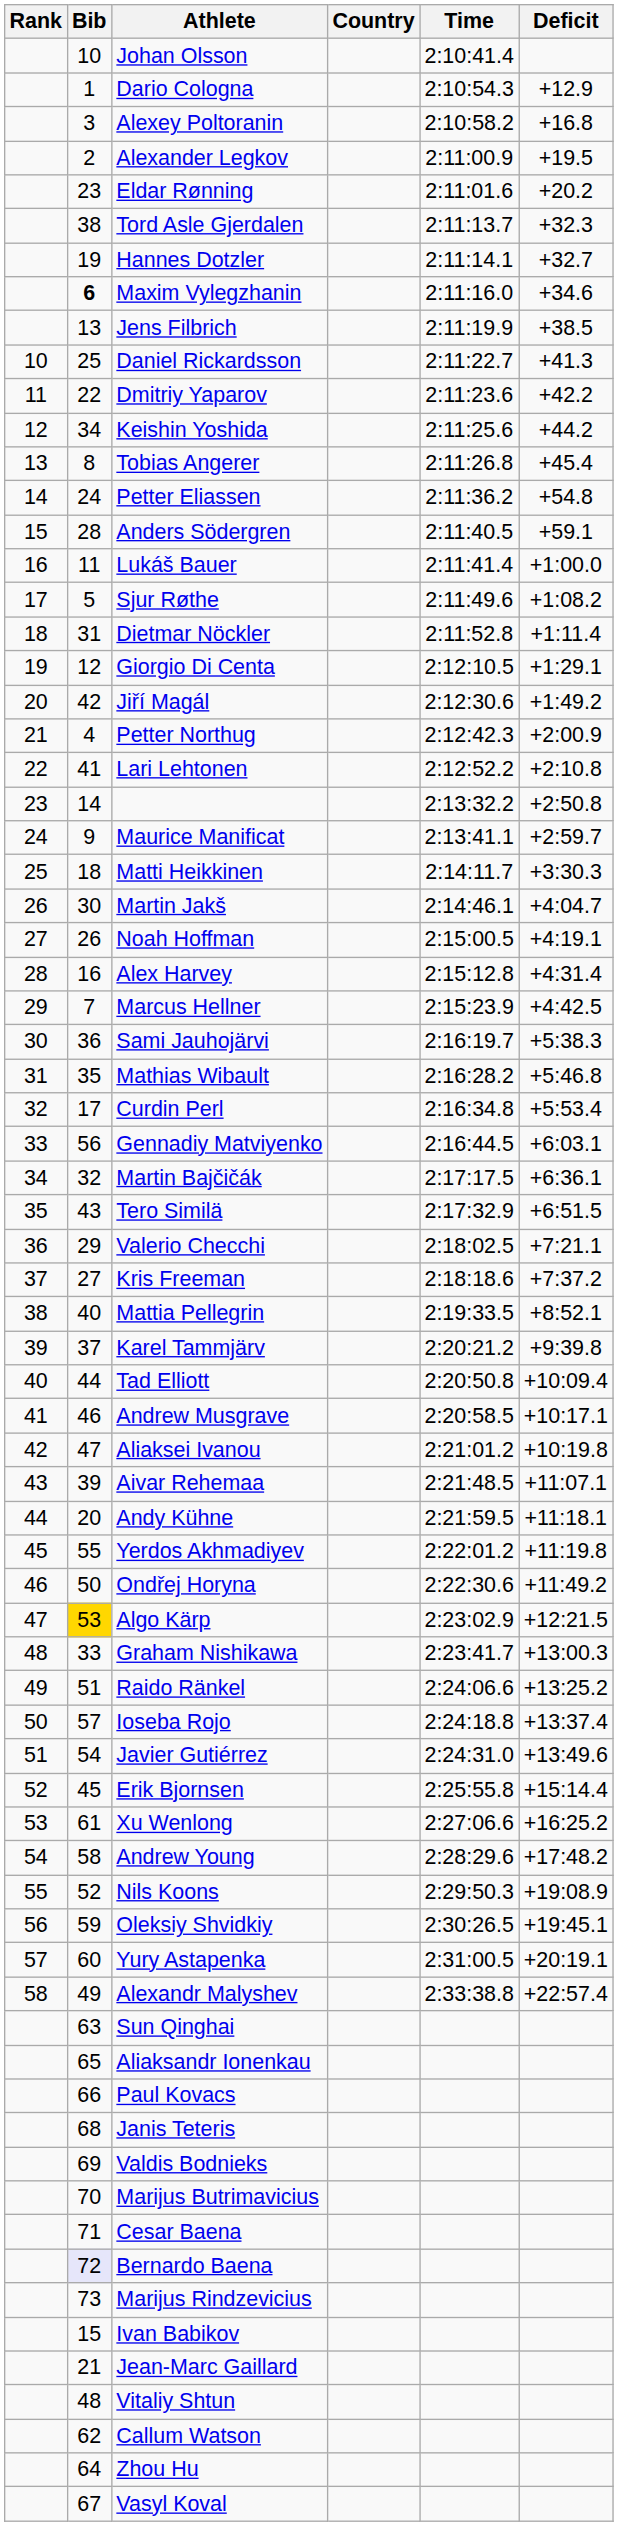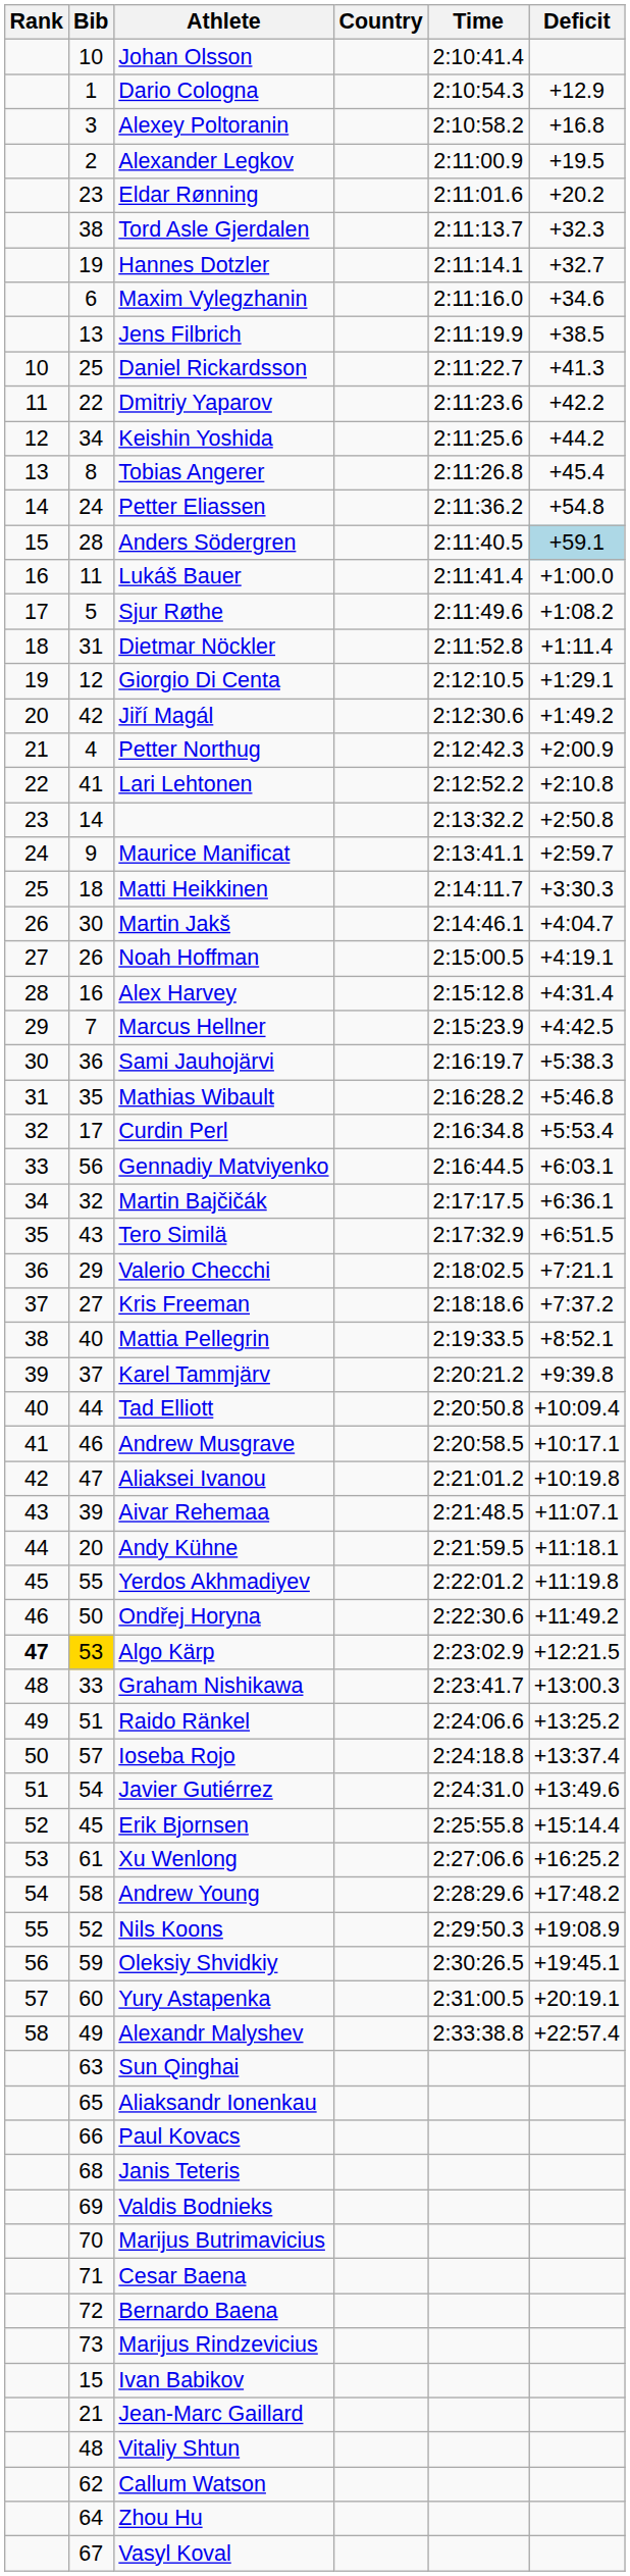 <table class="wikitable sortable" style="text-align:center">
 <tr>
 <th>Rank</th>
 <th>Bib</th>
 <th>Athlete</th>
 <th>Country</th>
 <th>Time</th>
 <th>Deficit</th>
 </tr>
 <tr>
 <td></td>
 <td>10</td>
 <td align=left><a href='#'>Johan Olsson</a></td>
 <td align=left></td>
 <td>2:10:41.4</td>
 <td></td>
 </tr>
 <tr>
 <td></td>
 <td>1</td>
 <td align=left><a href='#'>Dario Cologna</a></td>
 <td align=left></td>
 <td>2:10:54.3</td>
 <td>+12.9</td>
 </tr>
 <tr>
 <td></td>
 <td>3</td>
 <td align=left><a href='#'>Alexey Poltoranin</a></td>
 <td align=left></td>
 <td>2:10:58.2</td>
 <td>+16.8</td>
 </tr>
 <tr>
 <td></td>
 <td>2</td>
 <td align=left><a href='#'>Alexander Legkov</a></td>
 <td align=left></td>
 <td>2:11:00.9</td>
 <td>+19.5</td>
 </tr>
 <tr>
 <td></td>
 <td>23</td>
 <td align=left><a href='#'>Eldar Rønning</a></td>
 <td align=left></td>
 <td>2:11:01.6</td>
 <td>+20.2</td>
 </tr>
 <tr>
 <td></td>
 <td>38</td>
 <td align=left><a href='#'>Tord Asle Gjerdalen</a></td>
 <td align=left></td>
 <td>2:11:13.7</td>
 <td>+32.3</td>
 </tr>
 <tr>
 <td></td>
 <td>19</td>
 <td align=left><a href='#'>Hannes Dotzler</a></td>
 <td align=left></td>
 <td>2:11:14.1</td>
 <td>+32.7</td>
 </tr>
 <tr>
 <td></td>
-<td><strong>6</strong></td>
+<td>6</td>
 <td align=left><a href='#'>Maxim Vylegzhanin</a></td>
 <td align=left></td>
 <td>2:11:16.0</td>
 <td>+34.6</td>
 </tr>
 <tr>
 <td></td>
 <td>13</td>
 <td align=left><a href='#'>Jens Filbrich</a></td>
 <td align=left></td>
 <td>2:11:19.9</td>
 <td>+38.5</td>
 </tr>
 <tr>
 <td>10</td>
 <td>25</td>
 <td align=left><a href='#'>Daniel Rickardsson</a></td>
 <td align=left></td>
 <td>2:11:22.7</td>
 <td>+41.3</td>
 </tr>
 <tr>
 <td>11</td>
 <td>22</td>
 <td align=left><a href='#'>Dmitriy Yaparov</a></td>
 <td align=left></td>
 <td>2:11:23.6</td>
 <td>+42.2</td>
 </tr>
 <tr>
 <td>12</td>
 <td>34</td>
 <td align=left><a href='#'>Keishin Yoshida</a></td>
 <td align=left></td>
 <td>2:11:25.6</td>
 <td>+44.2</td>
 </tr>
 <tr>
 <td>13</td>
 <td>8</td>
 <td align=left><a href='#'>Tobias Angerer</a></td>
 <td align=left></td>
 <td>2:11:26.8</td>
 <td>+45.4</td>
 </tr>
 <tr>
 <td>14</td>
 <td>24</td>
 <td align=left><a href='#'>Petter Eliassen</a></td>
 <td align=left></td>
 <td>2:11:36.2</td>
 <td>+54.8</td>
 </tr>
 <tr>
 <td>15</td>
 <td>28</td>
 <td align=left><a href='#'>Anders Södergren</a></td>
 <td align=left></td>
 <td>2:11:40.5</td>
-<td>+59.1</td>
+<td style="background: lightblue;">+59.1</td>
 </tr>
 <tr>
 <td>16</td>
 <td>11</td>
 <td align=left><a href='#'>Lukáš Bauer</a></td>
 <td align=left></td>
 <td>2:11:41.4</td>
 <td>+1:00.0</td>
 </tr>
 <tr>
 <td>17</td>
 <td>5</td>
 <td align=left><a href='#'>Sjur Røthe</a></td>
 <td align=left></td>
 <td>2:11:49.6</td>
 <td>+1:08.2</td>
 </tr>
 <tr>
 <td>18</td>
 <td>31</td>
 <td align=left><a href='#'>Dietmar Nöckler</a></td>
 <td align=left></td>
 <td>2:11:52.8</td>
 <td>+1:11.4</td>
 </tr>
 <tr>
 <td>19</td>
 <td>12</td>
 <td align=left><a href='#'>Giorgio Di Centa</a></td>
 <td align=left></td>
 <td>2:12:10.5</td>
 <td>+1:29.1</td>
 </tr>
 <tr>
 <td>20</td>
 <td>42</td>
 <td align=left><a href='#'>Jiří Magál</a></td>
 <td align=left></td>
 <td>2:12:30.6</td>
 <td>+1:49.2</td>
 </tr>
 <tr>
 <td>21</td>
 <td>4</td>
 <td align=left><a href='#'>Petter Northug</a></td>
 <td align=left></td>
 <td>2:12:42.3</td>
 <td>+2:00.9</td>
 </tr>
 <tr>
 <td>22</td>
 <td>41</td>
 <td align=left><a href='#'>Lari Lehtonen</a></td>
 <td align=left></td>
 <td>2:12:52.2</td>
 <td>+2:10.8</td>
 </tr>
 <tr>
 <td>23</td>
 <td>14</td>
 <td align=left></td>
 <td align=left></td>
 <td>2:13:32.2</td>
 <td>+2:50.8</td>
 </tr>
 <tr>
 <td>24</td>
 <td>9</td>
 <td align=left><a href='#'>Maurice Manificat</a></td>
 <td align=left></td>
 <td>2:13:41.1</td>
 <td>+2:59.7</td>
 </tr>
 <tr>
 <td>25</td>
 <td>18</td>
 <td align=left><a href='#'>Matti Heikkinen</a></td>
 <td align=left></td>
 <td>2:14:11.7</td>
 <td>+3:30.3</td>
 </tr>
 <tr>
 <td>26</td>
 <td>30</td>
 <td align=left><a href='#'>Martin Jakš</a></td>
 <td align=left></td>
 <td>2:14:46.1</td>
 <td>+4:04.7</td>
 </tr>
 <tr>
 <td>27</td>
 <td>26</td>
 <td align=left><a href='#'>Noah Hoffman</a></td>
 <td align=left></td>
 <td>2:15:00.5</td>
 <td>+4:19.1</td>
 </tr>
 <tr>
 <td>28</td>
 <td>16</td>
 <td align=left><a href='#'>Alex Harvey</a></td>
 <td align=left></td>
 <td>2:15:12.8</td>
 <td>+4:31.4</td>
 </tr>
 <tr>
 <td>29</td>
 <td>7</td>
 <td align=left><a href='#'>Marcus Hellner</a></td>
 <td align=left></td>
 <td>2:15:23.9</td>
 <td>+4:42.5</td>
 </tr>
 <tr>
 <td>30</td>
 <td>36</td>
 <td align=left><a href='#'>Sami Jauhojärvi</a></td>
 <td align=left></td>
 <td>2:16:19.7</td>
 <td>+5:38.3</td>
 </tr>
 <tr>
 <td>31</td>
 <td>35</td>
 <td align=left><a href='#'>Mathias Wibault</a></td>
 <td align=left></td>
 <td>2:16:28.2</td>
 <td>+5:46.8</td>
 </tr>
 <tr>
 <td>32</td>
 <td>17</td>
 <td align=left><a href='#'>Curdin Perl</a></td>
 <td align=left></td>
 <td>2:16:34.8</td>
 <td>+5:53.4</td>
 </tr>
 <tr>
 <td>33</td>
 <td>56</td>
 <td align=left><a href='#'>Gennadiy Matviyenko</a></td>
 <td align=left></td>
 <td>2:16:44.5</td>
 <td>+6:03.1</td>
 </tr>
 <tr>
 <td>34</td>
 <td>32</td>
 <td align=left><a href='#'>Martin Bajčičák</a></td>
 <td align=left></td>
 <td>2:17:17.5</td>
 <td>+6:36.1</td>
 </tr>
 <tr>
 <td>35</td>
 <td>43</td>
 <td align=left><a href='#'>Tero Similä</a></td>
 <td align=left></td>
 <td>2:17:32.9</td>
 <td>+6:51.5</td>
 </tr>
 <tr>
 <td>36</td>
 <td>29</td>
 <td align=left><a href='#'>Valerio Checchi</a></td>
 <td align=left></td>
 <td>2:18:02.5</td>
 <td>+7:21.1</td>
 </tr>
 <tr>
 <td>37</td>
 <td>27</td>
 <td align=left><a href='#'>Kris Freeman</a></td>
 <td align=left></td>
 <td>2:18:18.6</td>
 <td>+7:37.2</td>
 </tr>
 <tr>
 <td>38</td>
 <td>40</td>
 <td align=left><a href='#'>Mattia Pellegrin</a></td>
 <td align=left></td>
 <td>2:19:33.5</td>
 <td>+8:52.1</td>
 </tr>
 <tr>
 <td>39</td>
 <td>37</td>
 <td align=left><a href='#'>Karel Tammjärv</a></td>
 <td align=left></td>
 <td>2:20:21.2</td>
 <td>+9:39.8</td>
 </tr>
 <tr>
 <td>40</td>
 <td>44</td>
 <td align=left><a href='#'>Tad Elliott</a></td>
 <td align=left></td>
 <td>2:20:50.8</td>
 <td>+10:09.4</td>
 </tr>
 <tr>
 <td>41</td>
 <td>46</td>
 <td align=left><a href='#'>Andrew Musgrave</a></td>
 <td align=left></td>
 <td>2:20:58.5</td>
 <td>+10:17.1</td>
 </tr>
 <tr>
 <td>42</td>
 <td>47</td>
 <td align=left><a href='#'>Aliaksei Ivanou</a></td>
 <td align=left></td>
 <td>2:21:01.2</td>
 <td>+10:19.8</td>
 </tr>
 <tr>
 <td>43</td>
 <td>39</td>
 <td align=left><a href='#'>Aivar Rehemaa</a></td>
 <td align=left></td>
 <td>2:21:48.5</td>
 <td>+11:07.1</td>
 </tr>
 <tr>
 <td>44</td>
 <td>20</td>
 <td align=left><a href='#'>Andy Kühne</a></td>
 <td align=left></td>
 <td>2:21:59.5</td>
 <td>+11:18.1</td>
 </tr>
 <tr>
 <td>45</td>
 <td>55</td>
 <td align=left><a href='#'>Yerdos Akhmadiyev</a></td>
 <td align=left></td>
 <td>2:22:01.2</td>
 <td>+11:19.8</td>
 </tr>
 <tr>
 <td>46</td>
 <td>50</td>
 <td align=left><a href='#'>Ondřej Horyna</a></td>
 <td align=left></td>
 <td>2:22:30.6</td>
 <td>+11:49.2</td>
 </tr>
 <tr>
-<td>47</td>
+<td><strong>47</strong></td>
 <td style="background: gold;">53</td>
 <td align=left><a href='#'>Algo Kärp</a></td>
 <td align=left></td>
 <td>2:23:02.9</td>
 <td>+12:21.5</td>
 </tr>
 <tr>
 <td>48</td>
 <td>33</td>
 <td align=left><a href='#'>Graham Nishikawa</a></td>
 <td align=left></td>
 <td>2:23:41.7</td>
 <td>+13:00.3</td>
 </tr>
 <tr>
 <td>49</td>
 <td>51</td>
 <td align=left><a href='#'>Raido Ränkel</a></td>
 <td align=left></td>
 <td>2:24:06.6</td>
 <td>+13:25.2</td>
 </tr>
 <tr>
 <td>50</td>
 <td>57</td>
 <td align=left><a href='#'>Ioseba Rojo</a></td>
 <td align=left></td>
 <td>2:24:18.8</td>
 <td>+13:37.4</td>
 </tr>
 <tr>
 <td>51</td>
 <td>54</td>
 <td align=left><a href='#'>Javier Gutiérrez</a></td>
 <td align=left></td>
 <td>2:24:31.0</td>
 <td>+13:49.6</td>
 </tr>
 <tr>
 <td>52</td>
 <td>45</td>
 <td align=left><a href='#'>Erik Bjornsen</a></td>
 <td align=left></td>
 <td>2:25:55.8</td>
 <td>+15:14.4</td>
 </tr>
 <tr>
 <td>53</td>
 <td>61</td>
 <td align=left><a href='#'>Xu Wenlong</a></td>
 <td align=left></td>
 <td>2:27:06.6</td>
 <td>+16:25.2</td>
 </tr>
 <tr>
 <td>54</td>
 <td>58</td>
 <td align=left><a href='#'>Andrew Young</a></td>
 <td align=left></td>
 <td>2:28:29.6</td>
 <td>+17:48.2</td>
 </tr>
 <tr>
 <td>55</td>
 <td>52</td>
 <td align=left><a href='#'>Nils Koons</a></td>
 <td align=left></td>
 <td>2:29:50.3</td>
 <td>+19:08.9</td>
 </tr>
 <tr>
 <td>56</td>
 <td>59</td>
 <td align=left><a href='#'>Oleksiy Shvidkiy</a></td>
 <td align=left></td>
 <td>2:30:26.5</td>
 <td>+19:45.1</td>
 </tr>
 <tr>
 <td>57</td>
 <td>60</td>
 <td align=left><a href='#'>Yury Astapenka</a></td>
 <td align=left></td>
 <td>2:31:00.5</td>
 <td>+20:19.1</td>
 </tr>
 <tr>
 <td>58</td>
 <td>49</td>
 <td align=left><a href='#'>Alexandr Malyshev</a></td>
 <td align=left></td>
 <td>2:33:38.8</td>
 <td>+22:57.4</td>
 </tr>
 <tr>
 <td></td>
 <td>63</td>
 <td align=left><a href='#'>Sun Qinghai</a></td>
 <td align=left></td>
 <td></td>
 <td></td>
 </tr>
 <tr>
 <td></td>
 <td>65</td>
 <td align=left><a href='#'>Aliaksandr Ionenkau</a></td>
 <td align=left></td>
 <td></td>
 <td></td>
 </tr>
 <tr>
 <td></td>
 <td>66</td>
 <td align=left><a href='#'>Paul Kovacs</a></td>
 <td align=left></td>
 <td></td>
 <td></td>
 </tr>
 <tr>
 <td></td>
 <td>68</td>
 <td align=left><a href='#'>Janis Teteris</a></td>
 <td align=left></td>
 <td></td>
 <td></td>
 </tr>
 <tr>
 <td></td>
 <td>69</td>
 <td align=left><a href='#'>Valdis Bodnieks</a></td>
 <td align=left></td>
 <td></td>
 <td></td>
 </tr>
 <tr>
 <td></td>
 <td>70</td>
 <td align=left><a href='#'>Marijus Butrimavicius</a></td>
 <td align=left></td>
 <td></td>
 <td></td>
 </tr>
 <tr>
 <td></td>
 <td>71</td>
 <td align=left><a href='#'>Cesar Baena</a></td>
 <td align=left></td>
 <td></td>
 <td></td>
 </tr>
 <tr>
 <td></td>
-<td style="background: lavender;">72</td>
+<td>72</td>
 <td align=left><a href='#'>Bernardo Baena</a></td>
 <td align=left></td>
 <td></td>
 <td></td>
 </tr>
 <tr>
 <td></td>
 <td>73</td>
 <td align=left><a href='#'>Marijus Rindzevicius</a></td>
 <td align=left></td>
 <td></td>
 <td></td>
 </tr>
 <tr>
 <td></td>
 <td>15</td>
 <td align=left><a href='#'>Ivan Babikov</a></td>
 <td align=left></td>
 <td></td>
 <td></td>
 </tr>
 <tr>
 <td></td>
 <td>21</td>
 <td align=left><a href='#'>Jean-Marc Gaillard</a></td>
 <td align=left></td>
 <td></td>
 <td></td>
 </tr>
 <tr>
 <td></td>
 <td>48</td>
 <td align=left><a href='#'>Vitaliy Shtun</a></td>
 <td align=left></td>
 <td></td>
 <td></td>
 </tr>
 <tr>
 <td></td>
 <td>62</td>
 <td align=left><a href='#'>Callum Watson</a></td>
 <td align=left></td>
 <td></td>
 <td></td>
 </tr>
 <tr>
 <td></td>
 <td>64</td>
 <td align=left><a href='#'>Zhou Hu</a></td>
 <td align=left></td>
 <td></td>
 <td></td>
 </tr>
 <tr>
 <td></td>
 <td>67</td>
 <td align=left><a href='#'>Vasyl Koval</a></td>
 <td align=left></td>
 <td></td>
 <td></td>
 </tr>
 </table>
